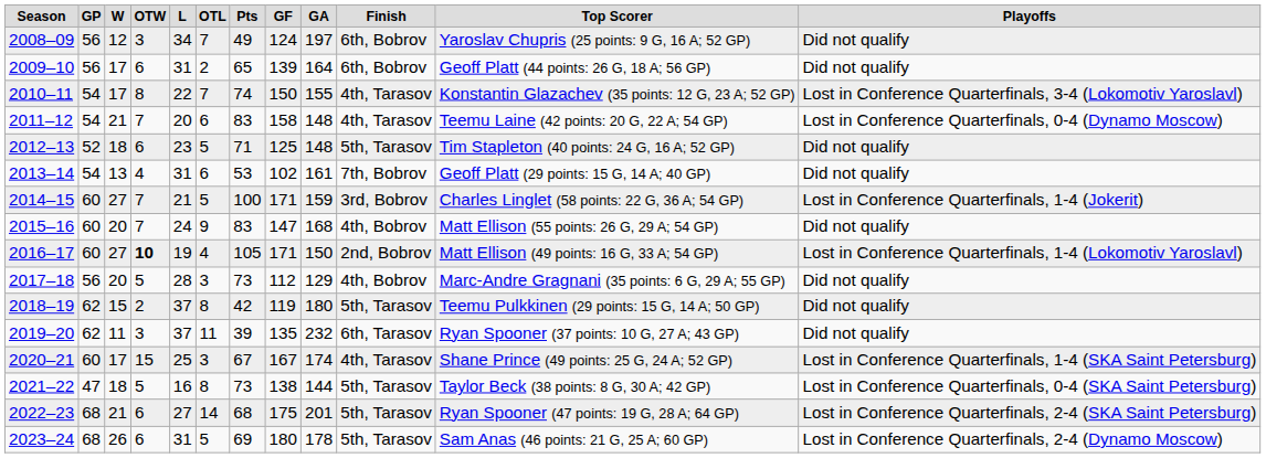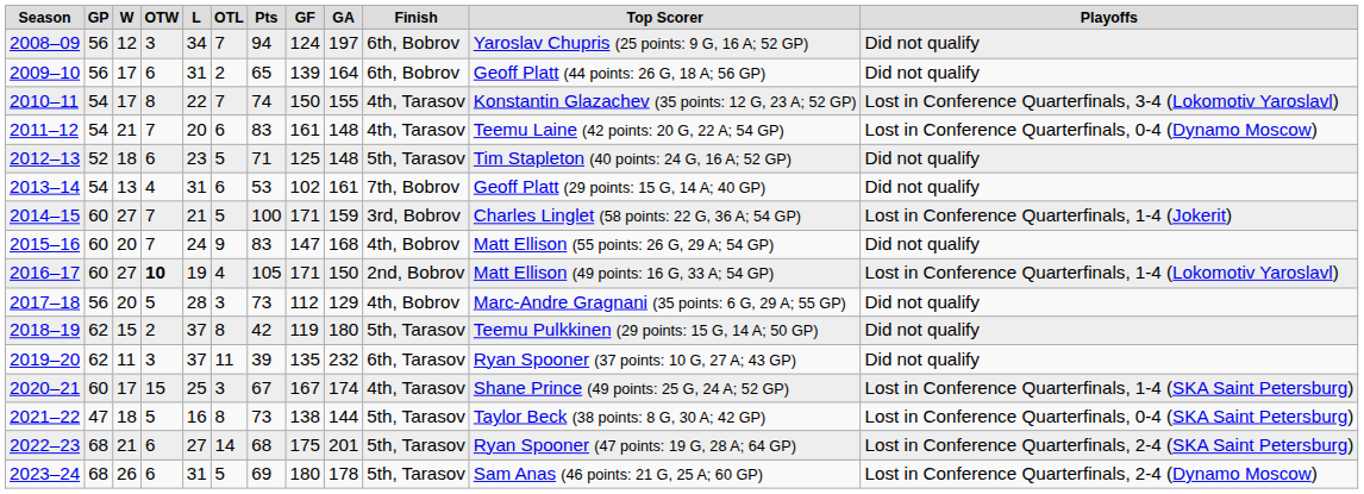 <table class="wikitable">
 <tr style="text-align:center; font-size:small; background:#ddd; padding:5px;"|>
 <td><strong>Season</strong></td>
 <td><strong>GP</strong></td>
 <td><strong>W</strong></td>
 <td><strong>OTW</strong></td>
 <td><strong>L</strong></td>
 <td><strong>OTL</strong></td>
 <td><strong>Pts</strong></td>
 <td><strong>GF</strong></td>
 <td><strong>GA</strong></td>
 <td><strong>Finish</strong></td>
 <td><strong>Top Scorer</strong></td>
 <td><strong>Playoffs</strong></td>
 </tr>
 <tr style="background:#eee;">
 <td><a href='#'>2008–09</a></td>
 <td>56</td>
 <td>12</td>
 <td>3</td>
 <td>34</td>
 <td>7</td>
-<td>49</td>
+<td>94</td>
 <td>124</td>
 <td>197</td>
 <td>6th, Bobrov</td>
 <td><a href='#'>Yaroslav Chupris</a> <small>(25 points: 9 G, 16 A; 52 GP)</small></td>
 <td>Did not qualify</td>
 </tr>
 <tr>
 <td><a href='#'>2009–10</a></td>
 <td>56</td>
 <td>17</td>
 <td>6</td>
 <td>31</td>
 <td>2</td>
 <td>65</td>
 <td>139</td>
 <td>164</td>
 <td>6th, Bobrov</td>
 <td><a href='#'>Geoff Platt</a> <small>(44 points: 26 G, 18 A; 56 GP)</small></td>
 <td>Did not qualify</td>
 </tr>
 <tr style="background:#eee;">
 <td><a href='#'>2010–11</a></td>
 <td>54</td>
 <td>17</td>
 <td>8</td>
 <td>22</td>
 <td>7</td>
 <td>74</td>
 <td>150</td>
 <td>155</td>
 <td>4th, Tarasov</td>
 <td><a href='#'>Konstantin Glazachev</a> <small>(35 points: 12 G, 23 A; 52 GP)</small></td>
 <td>Lost in Conference Quarterfinals, 3-4 (<a href='#'>Lokomotiv Yaroslavl</a>)</td>
 </tr>
 <tr>
 <td><a href='#'>2011–12</a></td>
 <td>54</td>
 <td>21</td>
 <td>7</td>
 <td>20</td>
 <td>6</td>
 <td>83</td>
-<td>158</td>
+<td>161</td>
 <td>148</td>
 <td>4th, Tarasov</td>
 <td><a href='#'>Teemu Laine</a> <small>(42 points: 20 G, 22 A; 54 GP)</small></td>
 <td>Lost in Conference Quarterfinals, 0-4 (<a href='#'>Dynamo Moscow</a>)</td>
 </tr>
 <tr style="background:#eee;">
 <td><a href='#'>2012–13</a></td>
 <td>52</td>
 <td>18</td>
 <td>6</td>
 <td>23</td>
 <td>5</td>
 <td>71</td>
 <td>125</td>
 <td>148</td>
 <td>5th, Tarasov</td>
 <td><a href='#'>Tim Stapleton</a> <small>(40 points: 24 G, 16 A; 52 GP)</small></td>
 <td>Did not qualify</td>
 </tr>
 <tr>
 <td><a href='#'>2013–14</a></td>
 <td>54</td>
 <td>13</td>
 <td>4</td>
 <td>31</td>
 <td>6</td>
 <td>53</td>
 <td>102</td>
 <td>161</td>
 <td>7th, Bobrov</td>
 <td><a href='#'>Geoff Platt</a> <small>(29 points: 15 G, 14 A; 40 GP)</small></td>
 <td>Did not qualify</td>
 </tr>
 <tr style="background:#eee;">
 <td><a href='#'>2014–15</a></td>
 <td>60</td>
 <td>27</td>
 <td>7</td>
 <td>21</td>
 <td>5</td>
 <td>100</td>
 <td>171</td>
 <td>159</td>
 <td>3rd, Bobrov</td>
 <td><a href='#'>Charles Linglet</a> <small>(58 points: 22 G, 36 A; 54 GP)</small></td>
 <td>Lost in Conference Quarterfinals, 1-4 (<a href='#'>Jokerit</a>)</td>
 </tr>
 <tr>
 <td><a href='#'>2015–16</a></td>
 <td>60</td>
 <td>20</td>
 <td>7</td>
 <td>24</td>
 <td>9</td>
 <td>83</td>
 <td>147</td>
 <td>168</td>
 <td>4th, Bobrov</td>
 <td><a href='#'>Matt Ellison</a> <small>(55 points: 26 G, 29 A; 54 GP)</small></td>
 <td>Did not qualify</td>
 </tr>
 <tr style="background:#eee;">
 <td><a href='#'>2016–17</a></td>
 <td>60</td>
 <td>27</td>
 <td><strong>10</strong></td>
 <td>19</td>
 <td>4</td>
 <td>105</td>
 <td>171</td>
 <td>150</td>
 <td>2nd, Bobrov</td>
 <td><a href='#'>Matt Ellison</a> <small>(49 points: 16 G, 33 A; 54 GP)</small></td>
 <td>Lost in Conference Quarterfinals, 1-4 (<a href='#'>Lokomotiv Yaroslavl</a>)</td>
 </tr>
 <tr>
 <td><a href='#'>2017–18</a></td>
 <td>56</td>
 <td>20</td>
 <td>5</td>
 <td>28</td>
 <td>3</td>
 <td>73</td>
 <td>112</td>
 <td>129</td>
 <td>4th, Bobrov</td>
 <td><a href='#'>Marc-Andre Gragnani</a> <small>(35 points: 6 G, 29 A; 55 GP)</small></td>
 <td>Did not qualify</td>
 </tr>
 <tr style="background:#eee;">
 <td><a href='#'>2018–19</a></td>
 <td>62</td>
 <td>15</td>
 <td>2</td>
 <td>37</td>
 <td>8</td>
 <td>42</td>
 <td>119</td>
 <td>180</td>
 <td>5th, Tarasov</td>
 <td><a href='#'>Teemu Pulkkinen</a> <small>(29 points: 15 G, 14 A; 50 GP)</small></td>
 <td>Did not qualify</td>
 </tr>
 <tr>
 <td><a href='#'>2019–20</a></td>
 <td>62</td>
 <td>11</td>
 <td>3</td>
 <td>37</td>
 <td>11</td>
 <td>39</td>
 <td>135</td>
 <td>232</td>
 <td>6th, Tarasov</td>
 <td><a href='#'>Ryan Spooner</a> <small>(37 points: 10 G, 27 A; 43 GP)</small></td>
 <td>Did not qualify</td>
 </tr>
 <tr style="background:#eee;">
 <td><a href='#'>2020–21</a></td>
 <td>60</td>
 <td>17</td>
 <td>15</td>
 <td>25</td>
 <td>3</td>
 <td>67</td>
 <td>167</td>
 <td>174</td>
 <td>4th, Tarasov</td>
 <td><a href='#'>Shane Prince</a> <small>(49 points: 25 G, 24 A; 52 GP)</small></td>
 <td>Lost in Conference Quarterfinals, 1-4 (<a href='#'>SKA Saint Petersburg</a>)</td>
 </tr>
 <tr>
 <td><a href='#'>2021–22</a></td>
 <td>47</td>
 <td>18</td>
 <td>5</td>
 <td>16</td>
 <td>8</td>
 <td>73</td>
 <td>138</td>
 <td>144</td>
 <td>5th, Tarasov</td>
 <td><a href='#'>Taylor Beck</a> <small>(38 points: 8 G, 30 A; 42 GP)</small></td>
 <td>Lost in Conference Quarterfinals, 0-4 (<a href='#'>SKA Saint Petersburg</a>)</td>
 </tr>
 <tr style="background:#eee;">
 <td><a href='#'>2022–23</a></td>
 <td>68</td>
 <td>21</td>
 <td>6</td>
 <td>27</td>
 <td>14</td>
 <td>68</td>
 <td>175</td>
 <td>201</td>
 <td>5th, Tarasov</td>
 <td><a href='#'>Ryan Spooner</a> <small>(47 points: 19 G, 28 A; 64 GP)</small></td>
 <td>Lost in Conference Quarterfinals, 2-4 (<a href='#'>SKA Saint Petersburg</a>)</td>
 </tr>
 <tr>
 <td><a href='#'>2023–24</a></td>
 <td>68</td>
 <td>26</td>
 <td>6</td>
 <td>31</td>
 <td>5</td>
 <td>69</td>
 <td>180</td>
 <td>178</td>
 <td>5th, Tarasov</td>
 <td><a href='#'>Sam Anas</a> <small>(46 points: 21 G, 25 A; 60 GP)</small></td>
 <td>Lost in Conference Quarterfinals, 2-4 (<a href='#'>Dynamo Moscow</a>)</td>
 </tr>
 </table>
